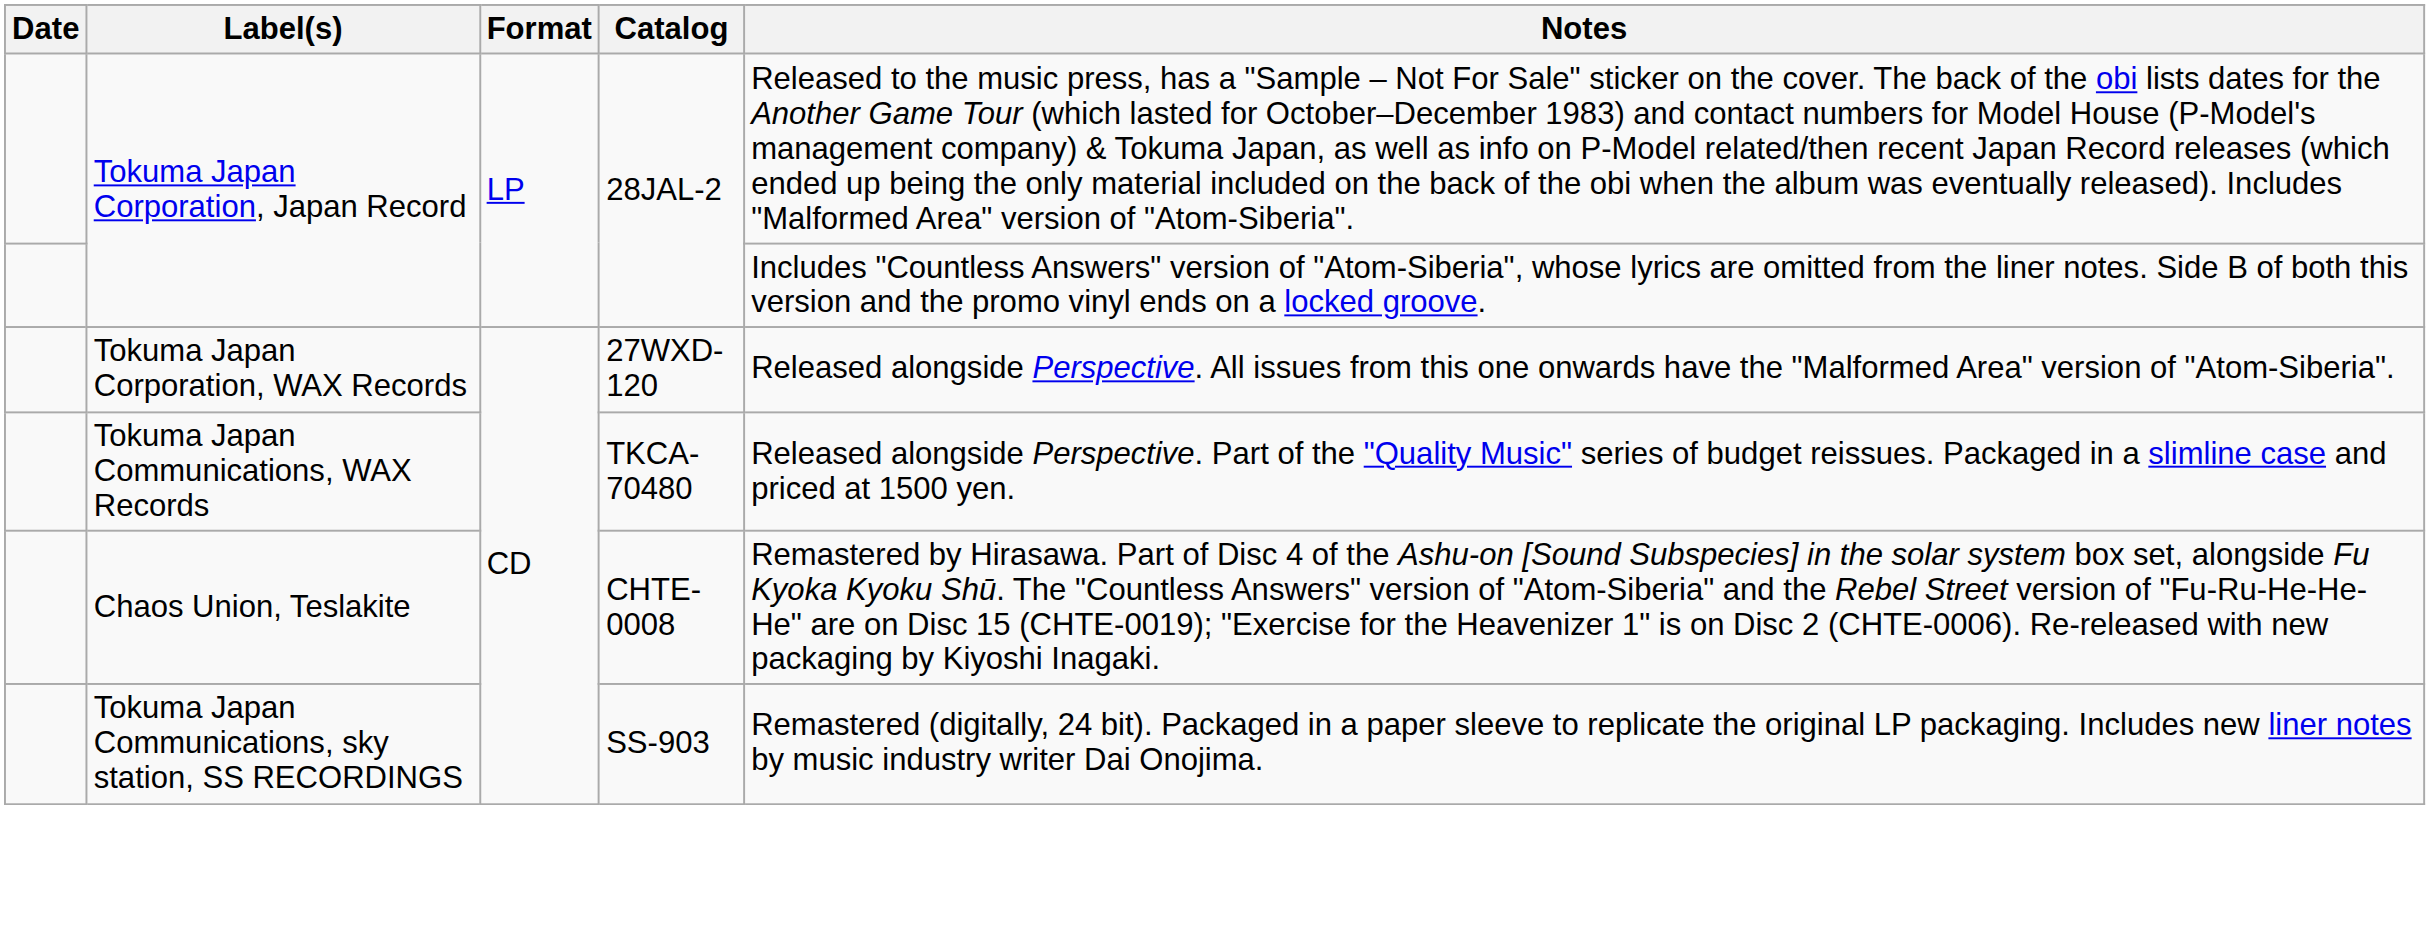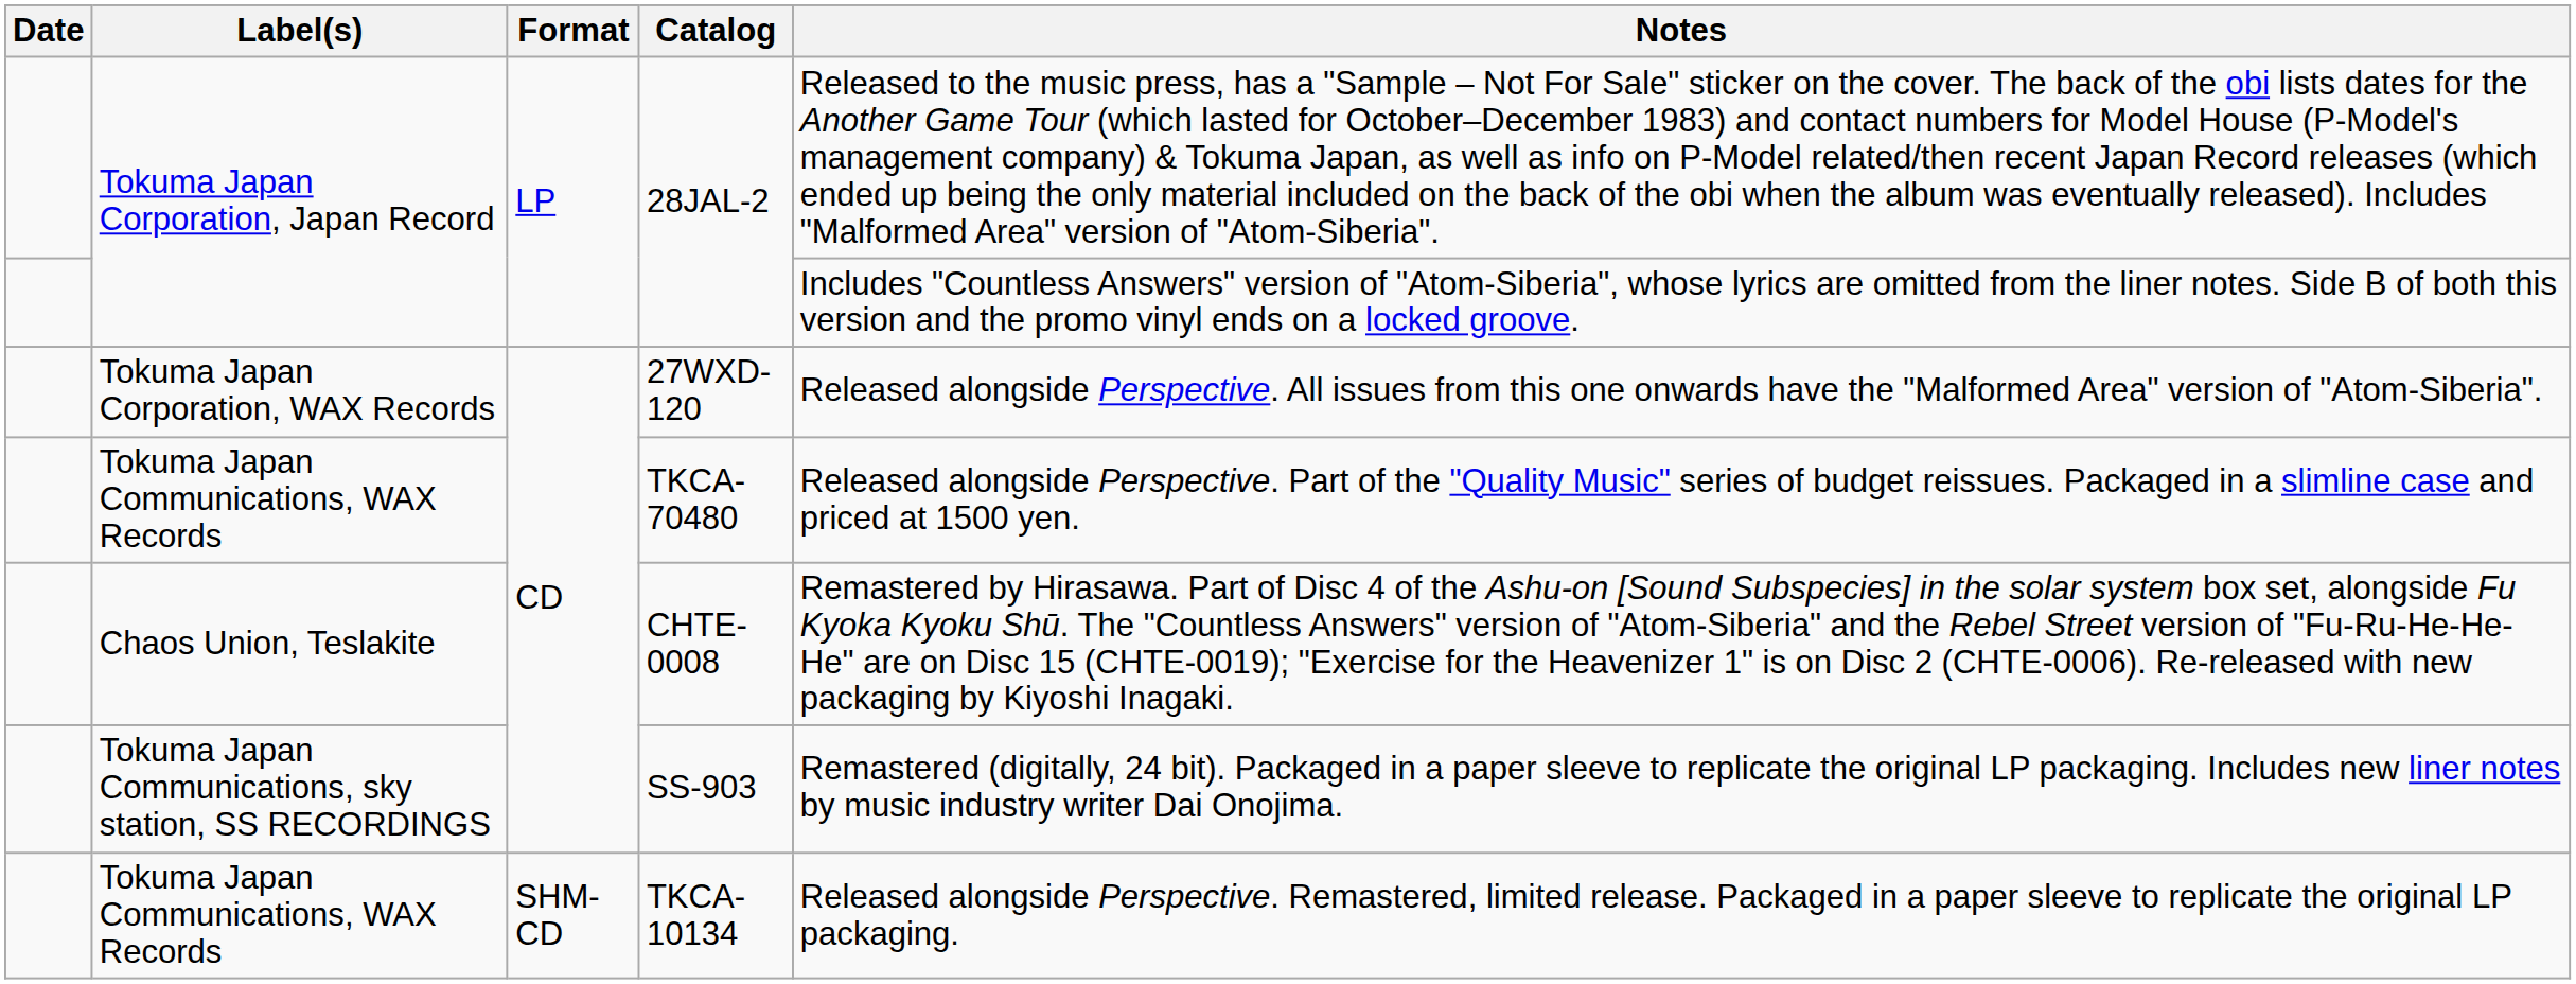 <table class="wikitable">
 <tr>
 <th>Date</th>
 <th>Label(s)</th>
 <th>Format</th>
 <th>Catalog</th>
 <th>Notes</th>
 </tr>
 <tr>
 <td></td>
 <td rowspan=2><a href='#'>Tokuma Japan Corporation</a>, Japan Record</td>
 <td rowspan=2><a href='#'>LP</a></td>
 <td rowspan=2>28JAL-2</td>
 <td>Released to the music press, has a "Sample – Not For Sale" sticker on the cover. The back of the <a href='#'>obi</a> lists dates for the <em>Another Game Tour</em> (which lasted for October–December 1983) and contact numbers for Model House (P-Model's management company) & Tokuma Japan, as well as info on P-Model related/then recent Japan Record releases (which ended up being the only material included on the back of the obi when the album was eventually released). Includes "Malformed Area" version of "Atom-Siberia".</td>
 </tr>
 <tr>
 <td></td>
 <td>Includes "Countless Answers" version of "Atom-Siberia", whose lyrics are omitted from the liner notes. Side B of both this version and the promo vinyl ends on a <a href='#'>locked groove</a>.</td>
 </tr>
 <tr>
 <td></td>
 <td>Tokuma Japan Corporation, WAX Records</td>
 <td rowspan=4>CD</td>
 <td>27WXD-120</td>
 <td>Released alongside <em><a href='#'>Perspective</a></em>. All issues from this one onwards have the "Malformed Area" version of "Atom-Siberia".</td>
 </tr>
 <tr>
 <td></td>
 <td>Tokuma Japan Communications, WAX Records</td>
 <td>TKCA-70480</td>
 <td>Released alongside <em>Perspective</em>. Part of the <a href='#'>"Quality Music"</a> series of budget reissues. Packaged in a <a href='#'>slimline case</a> and priced at 1500 yen.</td>
 </tr>
 <tr>
 <td><br></td>
 <td>Chaos Union, Teslakite</td>
 <td>CHTE-0008</td>
 <td>Remastered by Hirasawa. Part of Disc 4 of the <em>Ashu-on [Sound Subspecies] in the solar system</em> box set, alongside <em>Fu Kyoka Kyoku Shū</em>. The "Countless Answers" version of "Atom-Siberia" and the <em>Rebel Street</em> version of "Fu-Ru-He-He-He" are on Disc 15 (CHTE-0019); "Exercise for the Heavenizer 1" is on Disc 2 (CHTE-0006). Re-released with new packaging by Kiyoshi Inagaki.</td>
 </tr>
 <tr>
 <td></td>
 <td>Tokuma Japan Communications, sky station, SS RECORDINGS</td>
 <td>SS-903</td>
 <td>Remastered (digitally, 24 bit). Packaged in a paper sleeve to replicate the original LP packaging. Includes new <a href='#'>liner notes</a> by music industry writer Dai Onojima.</td>
 </tr>
+<tr>
+<td></td>
+<td>Tokuma Japan Communications, WAX Records</td>
+<td>SHM-CD</td>
+<td>TKCA-10134</td>
+<td>Released alongside <em>Perspective</em>. Remastered, limited release. Packaged in a paper sleeve to replicate the original LP packaging.</td>
+</tr>
 </table>
